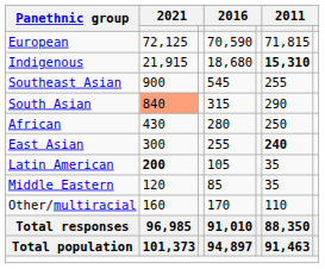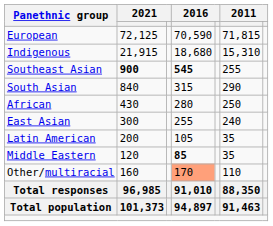 <table class="wikitable collapsible sortable">
 <tr>
 <th rowspan="2"><a href='#'>Panethnic</a> group</th>
 <th colspan="2">2021</th>
 <th colspan="2">2016</th>
 <th colspan="2">2011</th>
 </tr>
 <tr>
 <th><a href='#'></a></th>
 <th></th>
 <th></th>
 <th></th>
 <th></th>
 <th></th>
 </tr>
 <tr>
 <td><a href='#'>European</a></td>
 <td>72,125</td>
 <td></td>
 <td>70,590</td>
 <td></td>
 <td>71,815</td>
 <td></td>
 </tr>
 <tr>
 <td><a href='#'>Indigenous</a></td>
 <td>21,915</td>
 <td></td>
 <td>18,680</td>
 <td></td>
-<td><strong>15,310</strong></td>
+<td>15,310</td>
 <td></td>
 </tr>
 <tr>
 <td><a href='#'>Southeast Asian</a></td>
-<td>900</td>
+<td><strong>900</strong></td>
 <td></td>
-<td>545</td>
+<td><strong>545</strong></td>
 <td></td>
 <td>255</td>
 <td></td>
 </tr>
 <tr>
 <td><a href='#'>South Asian</a></td>
-<td style="background: lightsalmon;">840</td>
+<td>840</td>
 <td></td>
 <td>315</td>
 <td></td>
 <td>290</td>
 <td></td>
 </tr>
 <tr>
 <td><a href='#'>African</a></td>
 <td>430</td>
 <td></td>
 <td>280</td>
 <td></td>
 <td>250</td>
 <td></td>
 </tr>
 <tr>
 <td><a href='#'>East Asian</a></td>
 <td>300</td>
 <td></td>
 <td>255</td>
 <td></td>
-<td><strong>240</strong></td>
+<td>240</td>
 <td></td>
 </tr>
 <tr>
 <td><a href='#'>Latin American</a></td>
-<td><strong>200</strong></td>
+<td>200</td>
 <td></td>
 <td>105</td>
 <td></td>
 <td>35</td>
 <td></td>
 </tr>
 <tr>
 <td><a href='#'>Middle Eastern</a></td>
 <td>120</td>
 <td></td>
-<td>85</td>
+<td><strong>85</strong></td>
 <td></td>
 <td>35</td>
 <td></td>
 </tr>
 <tr>
 <td>Other/<a href='#'>multiracial</a></td>
 <td>160</td>
 <td></td>
-<td>170</td>
+<td style="background: lightsalmon;">170</td>
 <td></td>
 <td>110</td>
 <td></td>
 </tr>
 <tr>
 <th>Total responses</th>
 <th>96,985</th>
 <th></th>
 <th>91,010</th>
 <th></th>
 <th>88,350</th>
 <th></th>
 </tr>
 <tr class="sortbottom">
 <th>Total population</th>
 <th>101,373</th>
 <th></th>
 <th>94,897</th>
 <th></th>
 <th>91,463</th>
 <th></th>
 </tr>
 <tr class="sortbottom">
 <td colspan="15"></td>
 </tr>
 </table>
